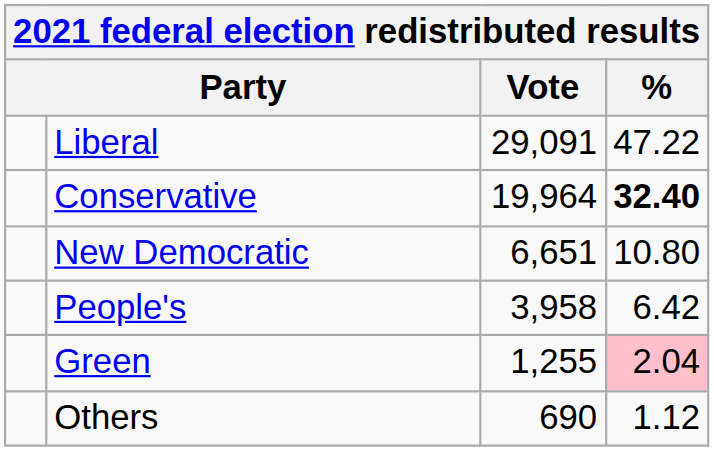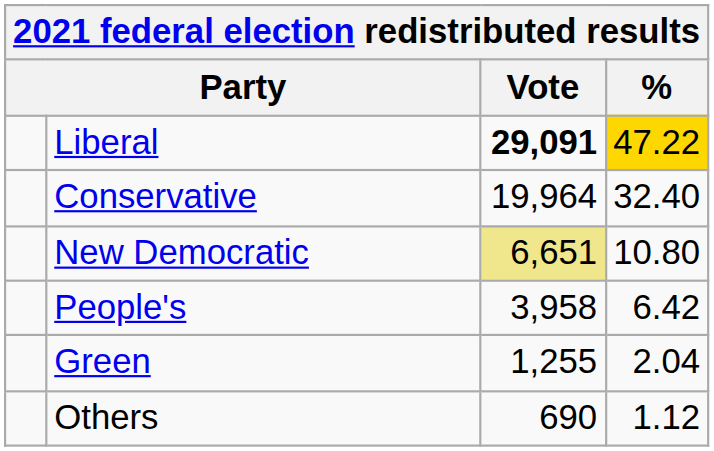 <table class="wikitable">
 <tr>
 <th colspan="4"><a href='#'>2021 federal election</a> redistributed results</th>
 </tr>
 <tr>
 <th bgcolor="#DDDDFF" width="130px" colspan="2">Party</th>
 <th bgcolor="#DDDDFF" width="50px">Vote</th>
 <th bgcolor="#DDDDFF" width="30px">%</th>
 </tr>
 <tr>
 <td> </td>
 <td><a href='#'>Liberal</a></td>
-<td align=right>29,091</td>
-<td align=right>47.22</td>
+<td align=right><strong>29,091</strong></td>
+<td align=right style="background: gold;">47.22</td>
 </tr>
 <tr>
 <td> </td>
 <td><a href='#'>Conservative</a></td>
 <td align=right>19,964</td>
-<td align=right><strong>32.40</strong></td>
+<td align=right>32.40</td>
 </tr>
 <tr>
 <td> </td>
 <td><a href='#'>New Democratic</a></td>
-<td align=right>6,651</td>
+<td align=right style="background: khaki;">6,651</td>
 <td align=right>10.80</td>
 </tr>
 <tr>
 <td> </td>
 <td><a href='#'>People's</a></td>
 <td align=right>3,958</td>
 <td align=right>6.42</td>
 </tr>
 <tr>
 <td> </td>
 <td><a href='#'>Green</a></td>
 <td align=right>1,255</td>
-<td align=right style="background: pink;">2.04</td>
+<td align=right>2.04</td>
 </tr>
 <tr>
 <td> </td>
 <td>Others</td>
 <td align=right>690</td>
 <td align=right>1.12</td>
 </tr>
 </table>
